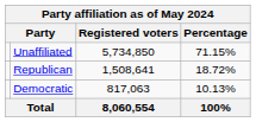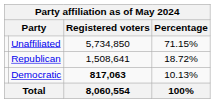 <table class="wikitable floatright">
 <tr>
 <th colspan = 6>Party affiliation as of May 2024</th>
 </tr>
 <tr>
 <th colspan = 2>Party</th>
 <th>Registered voters</th>
 <th>Percentage</th>
 </tr>
 <tr>
 <td></td>
 <td><a href='#'>Unaffiliated</a></td>
 <td align=center>5,734,850</td>
 <td align=center>71.15%</td>
 </tr>
 <tr>
 <td></td>
 <td><a href='#'>Republican</a></td>
 <td align=center>1,508,641</td>
 <td align=center>18.72%</td>
 </tr>
 <tr>
 <td></td>
 <td><a href='#'>Democratic</a></td>
-<td align=center>817,063</td>
+<td align=center><strong>817,063</strong></td>
 <td align=center>10.13%</td>
 </tr>
 <tr>
 <th colspan = 2>Total</th>
 <th align=center>8,060,554</th>
 <th align=center>100%</th>
 </tr>
 </table>
